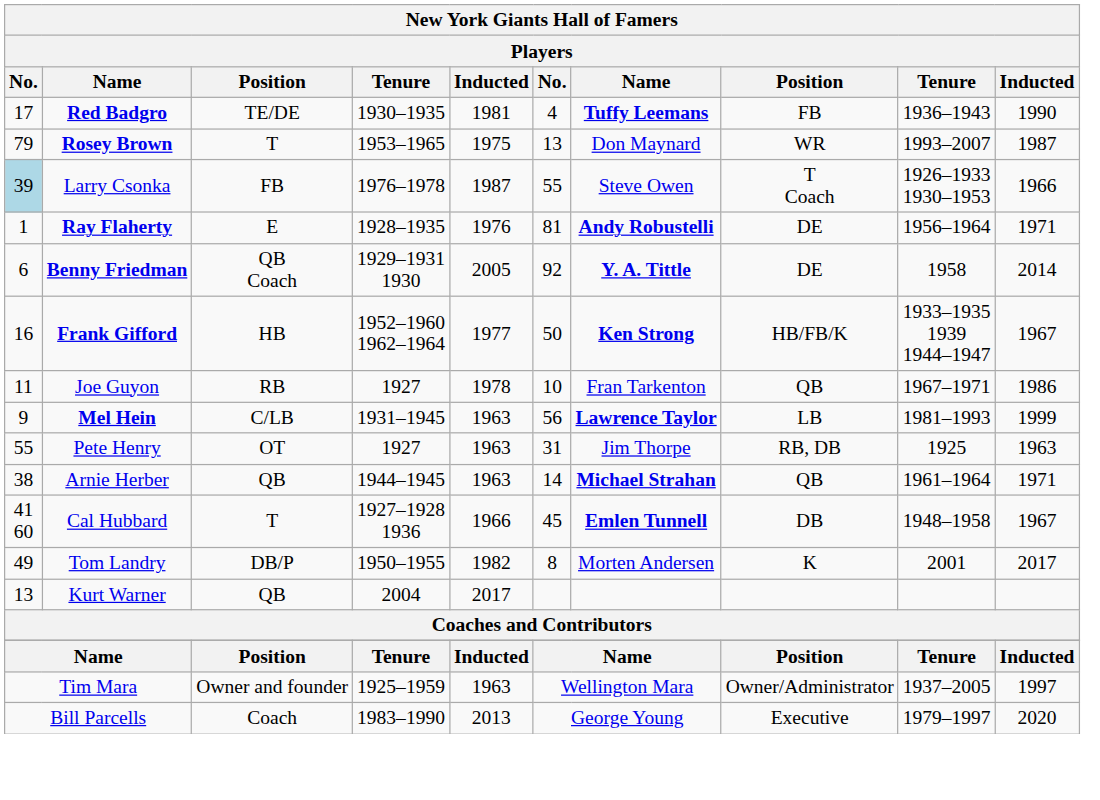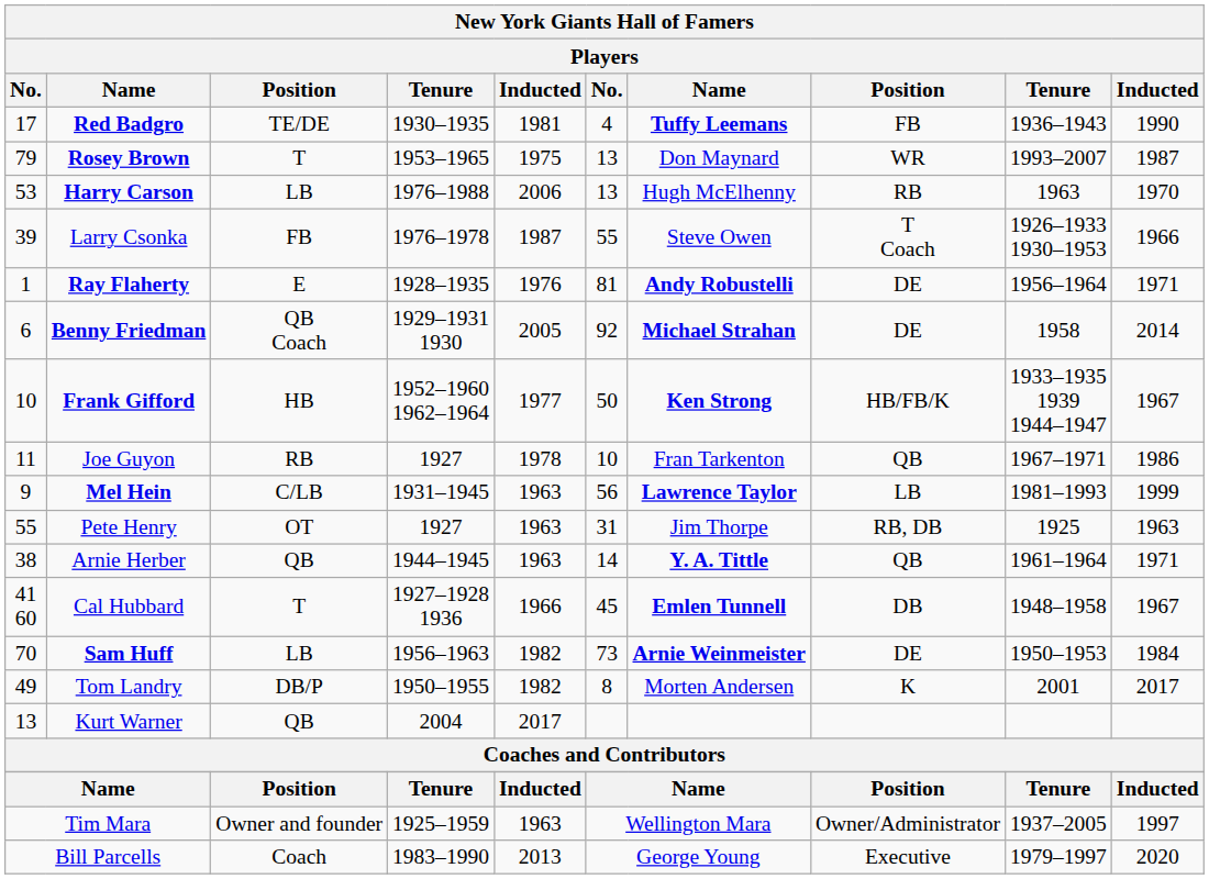 <table class="wikitable" style="text-align:center">
 <tr>
 <th colspan="10">New York Giants Hall of Famers</th>
 </tr>
 <tr>
 <th colspan="10">Players</th>
 </tr>
 <tr>
 <th>No.</th>
 <th>Name</th>
 <th>Position</th>
 <th>Tenure</th>
 <th>Inducted</th>
 <th>No.</th>
 <th>Name</th>
 <th>Position</th>
 <th>Tenure</th>
 <th>Inducted</th>
 </tr>
 <tr>
 <td>17</td>
 <td><strong><a href='#'>Red Badgro</a></strong></td>
 <td>TE/DE</td>
 <td>1930–1935</td>
 <td>1981</td>
 <td>4</td>
 <td><strong><a href='#'>Tuffy Leemans</a></strong></td>
 <td>FB</td>
 <td>1936–1943</td>
 <td>1990</td>
 </tr>
 <tr>
 <td>79</td>
 <td><strong><a href='#'>Rosey Brown</a></strong></td>
 <td>T</td>
 <td>1953–1965</td>
 <td>1975</td>
 <td>13</td>
 <td><a href='#'>Don Maynard</a></td>
 <td>WR</td>
 <td>1993–2007</td>
 <td>1987</td>
 </tr>
 <tr>
-<td style="background: lightblue;">39</td>
+<td>53</td>
+<td><strong><a href='#'>Harry Carson</a></strong></td>
+<td>LB</td>
+<td>1976–1988</td>
+<td>2006</td>
+<td>13</td>
+<td><a href='#'>Hugh McElhenny</a></td>
+<td>RB</td>
+<td>1963</td>
+<td>1970</td>
+</tr>
+<tr>
+<td>39</td>
 <td><a href='#'>Larry Csonka</a></td>
 <td>FB</td>
 <td>1976–1978</td>
 <td>1987</td>
 <td>55</td>
 <td><a href='#'>Steve Owen</a></td>
 <td>T<br>Coach</td>
 <td>1926–1933<br>1930–1953</td>
 <td>1966</td>
 </tr>
 <tr>
 <td>1</td>
 <td><strong><a href='#'>Ray Flaherty</a></strong></td>
 <td>E</td>
 <td>1928–1935</td>
 <td>1976</td>
 <td>81</td>
 <td><strong><a href='#'>Andy Robustelli</a></strong></td>
 <td>DE</td>
 <td>1956–1964</td>
 <td>1971</td>
 </tr>
 <tr>
 <td>6</td>
 <td><strong><a href='#'>Benny Friedman</a></strong></td>
 <td>QB<br>Coach</td>
 <td>1929–1931<br>1930</td>
 <td>2005</td>
 <td>92</td>
-<td><strong><a href='#'>Y. A. Tittle</a></strong></td>
+<td><strong><a href='#'>Michael Strahan</a></strong></td>
 <td>DE</td>
 <td>1958</td>
 <td>2014</td>
 </tr>
 <tr>
-<td>16</td>
+<td>10</td>
 <td><strong><a href='#'>Frank Gifford</a></strong></td>
 <td>HB</td>
 <td>1952–1960<br>1962–1964</td>
 <td>1977</td>
 <td>50</td>
 <td><strong><a href='#'>Ken Strong</a></strong></td>
 <td>HB/FB/K</td>
 <td>1933–1935<br>1939<br>1944–1947</td>
 <td>1967</td>
 </tr>
 <tr>
 <td>11</td>
 <td><a href='#'>Joe Guyon</a></td>
 <td>RB</td>
 <td>1927</td>
 <td>1978</td>
 <td>10</td>
 <td><a href='#'>Fran Tarkenton</a></td>
 <td>QB</td>
 <td>1967–1971</td>
 <td>1986</td>
 </tr>
 <tr>
 <td>9</td>
 <td><strong><a href='#'>Mel Hein</a></strong></td>
 <td>C/LB</td>
 <td>1931–1945</td>
 <td>1963</td>
 <td>56</td>
 <td><strong><a href='#'>Lawrence Taylor</a></strong></td>
 <td>LB</td>
 <td>1981–1993</td>
 <td>1999</td>
 </tr>
 <tr>
 <td>55</td>
 <td><a href='#'>Pete Henry</a></td>
 <td>OT</td>
 <td>1927</td>
 <td>1963</td>
 <td>31</td>
 <td><a href='#'>Jim Thorpe</a></td>
 <td>RB, DB</td>
 <td>1925</td>
 <td>1963</td>
 </tr>
 <tr>
 <td>38</td>
 <td><a href='#'>Arnie Herber</a></td>
 <td>QB</td>
 <td>1944–1945</td>
 <td>1963</td>
 <td>14</td>
-<td><strong><a href='#'>Michael Strahan</a></strong></td>
+<td><strong><a href='#'>Y. A. Tittle</a></strong></td>
 <td>QB</td>
 <td>1961–1964</td>
 <td>1971</td>
 </tr>
 <tr>
 <td>41<br>60</td>
 <td><a href='#'>Cal Hubbard</a></td>
 <td>T</td>
 <td>1927–1928<br>1936</td>
 <td>1966</td>
 <td>45</td>
 <td><strong><a href='#'>Emlen Tunnell</a></strong></td>
 <td>DB</td>
 <td>1948–1958</td>
 <td>1967</td>
+</tr>
+<tr>
+<td>70</td>
+<td><strong><a href='#'>Sam Huff</a></strong></td>
+<td>LB</td>
+<td>1956–1963</td>
+<td>1982</td>
+<td>73</td>
+<td><strong><a href='#'>Arnie Weinmeister</a></strong></td>
+<td>DE</td>
+<td>1950–1953</td>
+<td>1984</td>
 </tr>
 <tr>
 <td>49</td>
 <td><a href='#'>Tom Landry</a></td>
 <td>DB/P</td>
 <td>1950–1955</td>
 <td>1982</td>
 <td>8</td>
 <td><a href='#'>Morten Andersen</a></td>
 <td>K</td>
 <td>2001</td>
 <td>2017</td>
 </tr>
 <tr>
 <td>13</td>
 <td><a href='#'>Kurt Warner</a></td>
 <td>QB</td>
 <td>2004</td>
 <td>2017</td>
 <td></td>
 <td></td>
 <td></td>
 <td></td>
 <td></td>
 </tr>
 <tr>
 <th colspan="10">Coaches and Contributors</th>
 </tr>
 <tr>
 </tr>
 <tr>
 <th colspan=2>Name</th>
 <th>Position</th>
 <th>Tenure</th>
 <th>Inducted</th>
 <th colspan=2>Name</th>
 <th>Position</th>
 <th>Tenure</th>
 <th>Inducted</th>
 </tr>
 <tr>
 <td colspan=2><a href='#'>Tim Mara</a></td>
 <td>Owner and founder</td>
 <td>1925–1959</td>
 <td>1963</td>
 <td colspan=2><a href='#'>Wellington Mara</a></td>
 <td>Owner/Administrator</td>
 <td>1937–2005</td>
 <td>1997</td>
 </tr>
 <tr>
 <td colspan=2><a href='#'>Bill Parcells</a></td>
 <td>Coach</td>
 <td>1983–1990</td>
 <td>2013</td>
 <td colspan=2><a href='#'>George Young</a></td>
 <td>Executive</td>
 <td>1979–1997</td>
 <td>2020</td>
 </tr>
 </table>
